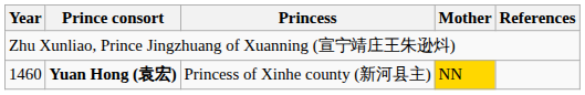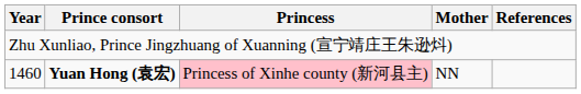 <table class="wikitable">
 <tr>
 <th>Year</th>
 <th>Prince consort</th>
 <th>Princess</th>
 <th>Mother</th>
 <th>References</th>
 </tr>
 <tr>
 <td colspan="5">Zhu Xunliao, Prince Jingzhuang of Xuanning (宣宁靖庄王朱逊炓)</td>
 </tr>
 <tr>
 <td>1460</td>
 <td><strong>Yuan Hong (袁宏)</strong></td>
-<td>Princess of Xinhe county (新河县主)</td>
-<td style="background: gold;">NN</td>
+<td style="background: pink;">Princess of Xinhe county (新河县主)</td>
+<td>NN</td>
 <td></td>
 </tr>
 </table>
